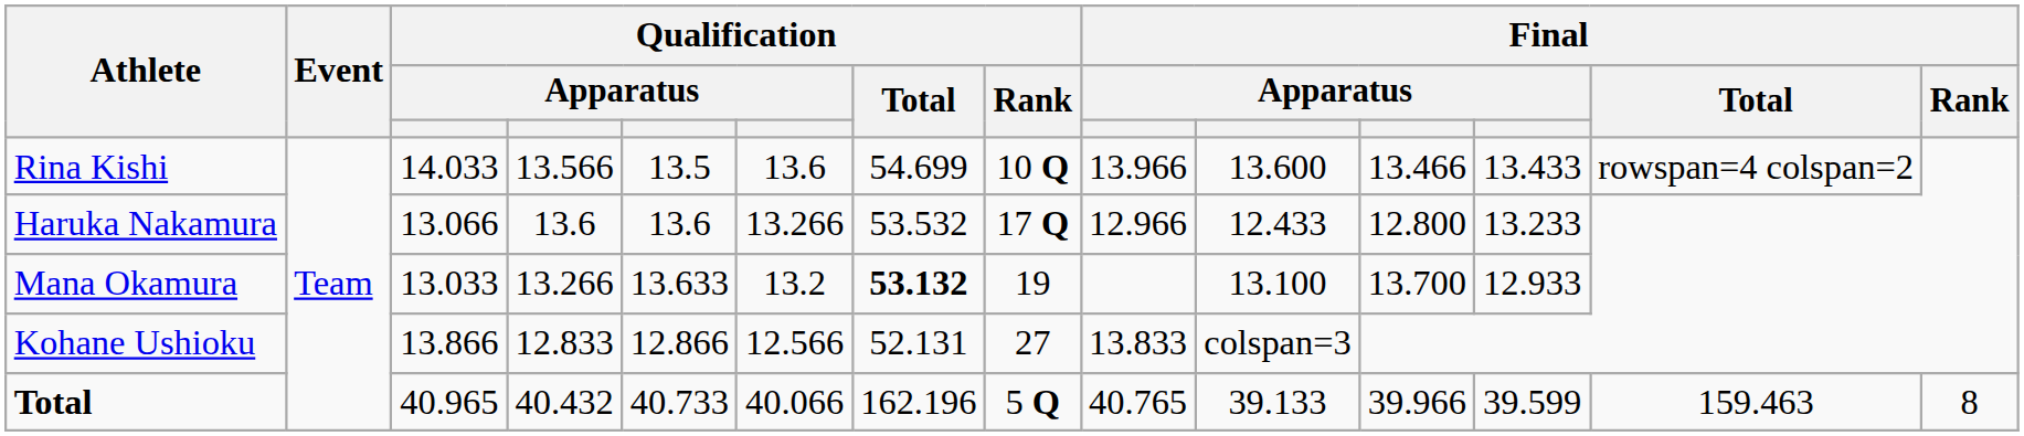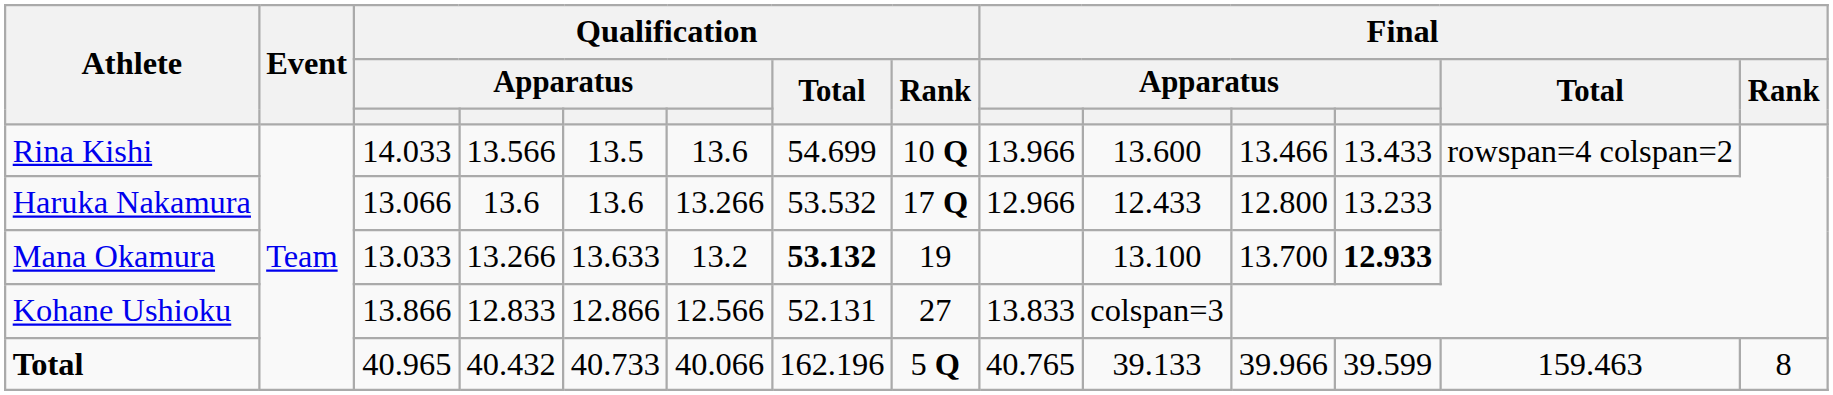 <table class=wikitable style=font-size:90%;text-align:center>
 <tr>
 <th rowspan=3>Athlete</th>
 <th rowspan=3>Event</th>
 <th colspan=6>Qualification</th>
 <th colspan=6>Final</th>
 </tr>
 <tr style=font-size:95%>
 <th colspan=4>Apparatus</th>
 <th rowspan=2>Total</th>
 <th rowspan=2>Rank</th>
 <th colspan=4>Apparatus</th>
 <th rowspan=2>Total</th>
 <th rowspan=2>Rank</th>
 </tr>
 <tr style=font-size:95%>
 <th></th>
 <th></th>
 <th></th>
 <th></th>
 <th></th>
 <th></th>
 <th></th>
 <th></th>
 </tr>
 <tr>
 <td align=left><a href='#'>Rina Kishi</a></td>
 <td align=left rowspan=5><a href='#'>Team</a></td>
 <td>14.033</td>
 <td>13.566</td>
 <td>13.5</td>
 <td>13.6</td>
 <td>54.699</td>
 <td>10 <strong>Q</strong></td>
 <td>13.966</td>
 <td>13.600</td>
 <td>13.466</td>
 <td>13.433</td>
 <td>rowspan=4 colspan=2 </td>
 </tr>
 <tr>
 <td align=left><a href='#'>Haruka Nakamura</a></td>
 <td>13.066</td>
 <td>13.6</td>
 <td>13.6</td>
 <td>13.266</td>
 <td>53.532</td>
 <td>17 <strong>Q</strong></td>
 <td>12.966</td>
 <td>12.433</td>
 <td>12.800</td>
 <td>13.233</td>
 </tr>
 <tr>
 <td align=left><a href='#'>Mana Okamura</a></td>
 <td>13.033</td>
 <td>13.266</td>
 <td>13.633</td>
 <td>13.2</td>
 <td><strong>53.132</strong></td>
 <td>19</td>
 <td></td>
 <td>13.100</td>
 <td>13.700</td>
-<td>12.933</td>
+<td><strong>12.933</strong></td>
 </tr>
 <tr>
 <td align=left><a href='#'>Kohane Ushioku</a></td>
 <td>13.866</td>
 <td>12.833</td>
 <td>12.866</td>
 <td>12.566</td>
 <td>52.131</td>
 <td>27</td>
 <td>13.833</td>
 <td>colspan=3 </td>
 </tr>
 <tr>
 <td align=left><strong>Total</strong></td>
 <td>40.965</td>
 <td>40.432</td>
 <td>40.733</td>
 <td>40.066</td>
 <td>162.196</td>
 <td>5 <strong>Q</strong></td>
 <td>40.765</td>
 <td>39.133</td>
 <td>39.966</td>
 <td>39.599</td>
 <td>159.463</td>
 <td>8</td>
 </tr>
 </table>
